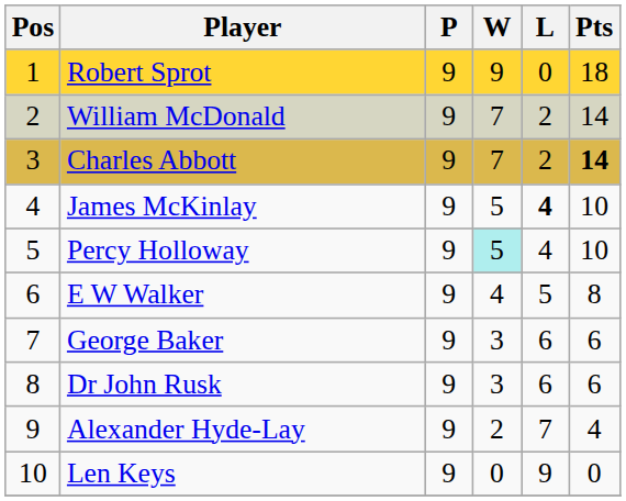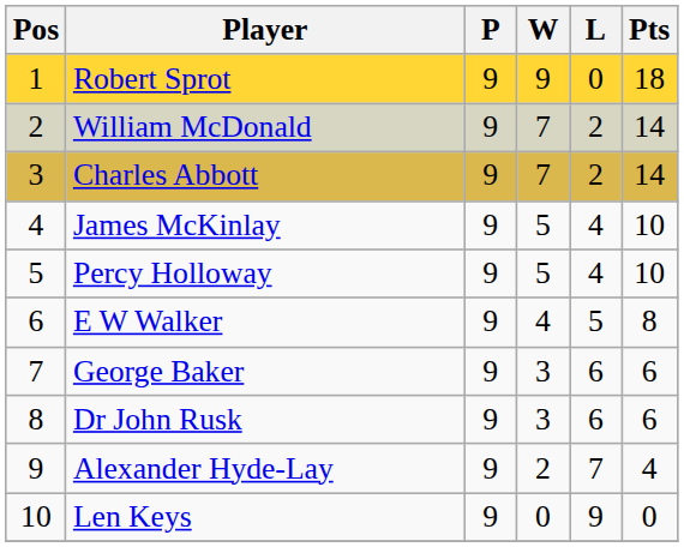 <table class="wikitable" style="font-size: 100%">
 <tr>
 <th width=20>Pos</th>
 <th width=200>Player</th>
 <th width=20>P</th>
 <th width=20>W</th>
 <th width=20>L</th>
 <th width=20>Pts</th>
 </tr>
 <tr align=center style="background: #FFD633;">
 <td>1</td>
 <td align="left"> <a href='#'>Robert Sprot</a></td>
 <td>9</td>
 <td>9</td>
 <td>0</td>
 <td>18</td>
 </tr>
 <tr align=center style="background: #D6D6C2;">
 <td>2</td>
 <td align="left"> <a href='#'>William McDonald</a></td>
 <td>9</td>
 <td>7</td>
 <td>2</td>
 <td>14</td>
 </tr>
 <tr align=center style="background: #DBB84D;">
 <td>3</td>
 <td align="left"> <a href='#'>Charles Abbott</a></td>
 <td>9</td>
 <td>7</td>
 <td>2</td>
-<td><strong>14</strong></td>
+<td>14</td>
 </tr>
 <tr align=center>
 <td>4</td>
 <td align="left"> <a href='#'>James McKinlay</a></td>
 <td>9</td>
 <td>5</td>
-<td><strong>4</strong></td>
+<td>4</td>
 <td>10</td>
 </tr>
 <tr align=center>
 <td>5</td>
 <td align="left"> <a href='#'>Percy Holloway</a></td>
 <td>9</td>
-<td style="background: paleturquoise;">5</td>
+<td>5</td>
 <td>4</td>
 <td>10</td>
 </tr>
 <tr align=center>
 <td>6</td>
 <td align="left"> <a href='#'>E W Walker</a></td>
 <td>9</td>
 <td>4</td>
 <td>5</td>
 <td>8</td>
 </tr>
 <tr align=center>
 <td>7</td>
 <td align="left"> <a href='#'>George Baker</a></td>
 <td>9</td>
 <td>3</td>
 <td>6</td>
 <td>6</td>
 </tr>
 <tr align=center>
 <td>8</td>
 <td align="left"> <a href='#'>Dr John Rusk</a></td>
 <td>9</td>
 <td>3</td>
 <td>6</td>
 <td>6</td>
 </tr>
 <tr align=center>
 <td>9</td>
 <td align="left"> <a href='#'>Alexander Hyde-Lay</a></td>
 <td>9</td>
 <td>2</td>
 <td>7</td>
 <td>4</td>
 </tr>
 <tr align=center>
 <td>10</td>
 <td align="left"> <a href='#'>Len Keys</a></td>
 <td>9</td>
 <td>0</td>
 <td>9</td>
 <td>0</td>
 </tr>
 <tr align=center>
 </tr>
 </table>
